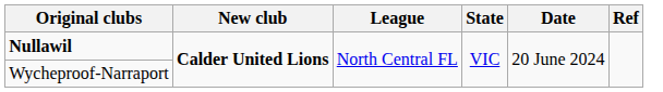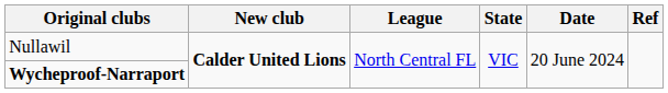 <table class="wikitable" style=text-align:center>
 <tr>
 <th>Original clubs</th>
 <th>New club</th>
 <th>League</th>
 <th>State</th>
 <th>Date</th>
 <th>Ref</th>
 </tr>
 <tr>
-<td align=left><strong> Nullawil</strong></td>
+<td align=left> Nullawil</td>
 <td rowspan=2; align=left> <strong>Calder United Lions</strong></td>
 <td rowspan=2; align=left><a href='#'>North Central FL</a></td>
 <td rowspan=2><a href='#'>VIC</a></td>
 <td align=left; rowspan=2>20 June 2024</td>
 <td rowspan=2></td>
 </tr>
 <tr>
-<td align=left> Wycheproof-Narraport</td>
+<td align=left><strong> Wycheproof-Narraport</strong></td>
 </tr>
 </table>
